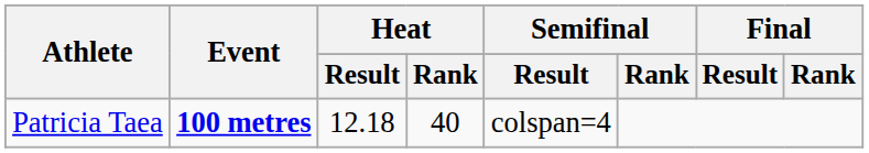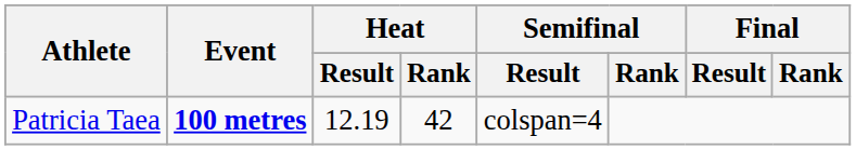 <table class="wikitable" style="font-size:90%">
 <tr>
 <th rowspan="2">Athlete</th>
 <th rowspan="2">Event</th>
 <th colspan="2">Heat</th>
 <th colspan="2">Semifinal</th>
 <th colspan="2">Final</th>
 </tr>
 <tr style="font-size:95%">
 <th>Result</th>
 <th>Rank</th>
 <th>Result</th>
 <th>Rank</th>
 <th>Result</th>
 <th>Rank</th>
 </tr>
 <tr style=text-align:center>
 <td style=text-align:left><a href='#'>Patricia Taea</a></td>
 <td style=text-align:left><strong><a href='#'>100 metres</a></strong></td>
-<td>12.18 <strong></strong></td>
-<td>40</td>
+<td>12.19 <strong></strong></td>
+<td>42</td>
 <td>colspan=4 </td>
 </tr>
 </table>
